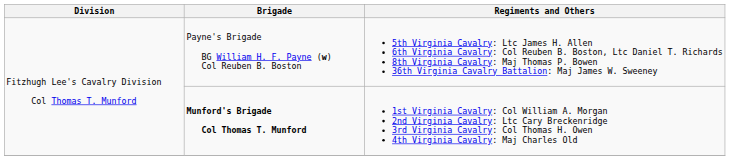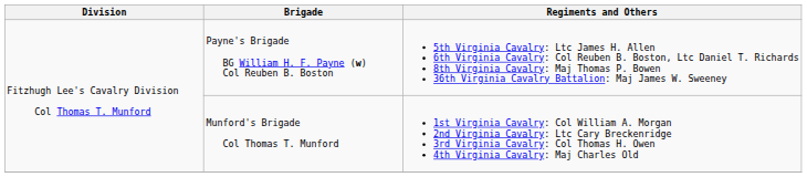 <table class="wikitable">
 <tr>
 <th width=25%>Division</th>
 <th width=25%>Brigade</th>
 <th>Regiments and Others</th>
 </tr>
 <tr>
 <td rowspan=2><br>Fitzhugh Lee's Cavalry Division<br><br>     Col <a href='#'>Thomas T. Munford</a> <br></td>
 <td>Payne's Brigade<br><br>   BG <a href='#'>William H. F. Payne</a> (<strong>w</strong>)<br>    Col Reuben B. Boston</td>
 <td><br><ul><li><a href='#'>5th Virginia Cavalry</a>: Ltc James H. Allen</li><li><a href='#'>6th Virginia Cavalry</a>: Col Reuben B. Boston, Ltc Daniel T. Richards</li><li><a href='#'>8th Virginia Cavalry</a>: Maj Thomas P. Bowen</li><li><a href='#'>36th Virginia Cavalry Battalion</a>: Maj James W. Sweeney</li></ul></td>
 </tr>
 <tr>
-<td><strong>Munford's Brigade<br><br>   Col Thomas T. Munford</strong></td>
+<td>Munford's Brigade<br><br>   Col Thomas T. Munford</td>
 <td><br><ul><li><a href='#'>1st Virginia Cavalry</a>: Col William A. Morgan</li><li><a href='#'>2nd Virginia Cavalry</a>: Ltc Cary Breckenridge</li><li><a href='#'>3rd Virginia Cavalry</a>: Col Thomas H. Owen</li><li><a href='#'>4th Virginia Cavalry</a>: Maj Charles Old</li></ul></td>
 </tr>
 <tr>
 </tr>
 </table>
